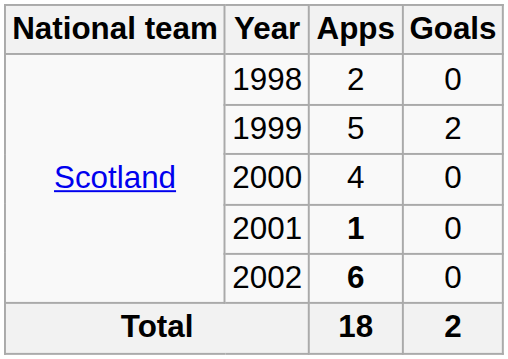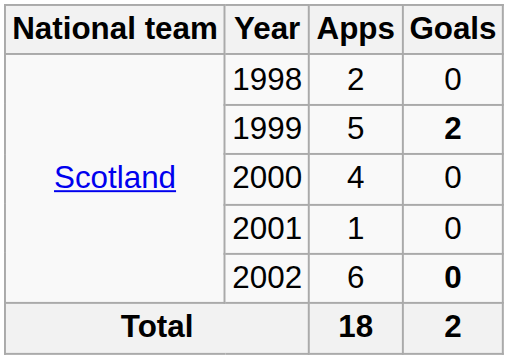 <table class="wikitable" style="text-align:center">
 <tr>
 <th>National team</th>
 <th>Year</th>
 <th>Apps</th>
 <th>Goals</th>
 </tr>
 <tr>
 <td rowspan="5"><a href='#'>Scotland</a></td>
 <td>1998</td>
 <td>2</td>
 <td>0</td>
 </tr>
 <tr>
 <td>1999</td>
 <td>5</td>
-<td>2</td>
+<td><strong>2</strong></td>
 </tr>
 <tr>
 <td>2000</td>
 <td>4</td>
 <td>0</td>
 </tr>
 <tr>
 <td>2001</td>
-<td><strong>1</strong></td>
+<td>1</td>
 <td>0</td>
 </tr>
 <tr>
 <td>2002</td>
-<td><strong>6</strong></td>
-<td>0</td>
+<td>6</td>
+<td><strong>0</strong></td>
 </tr>
 <tr>
 <th colspan="2">Total</th>
 <th>18</th>
 <th>2</th>
 </tr>
 </table>
